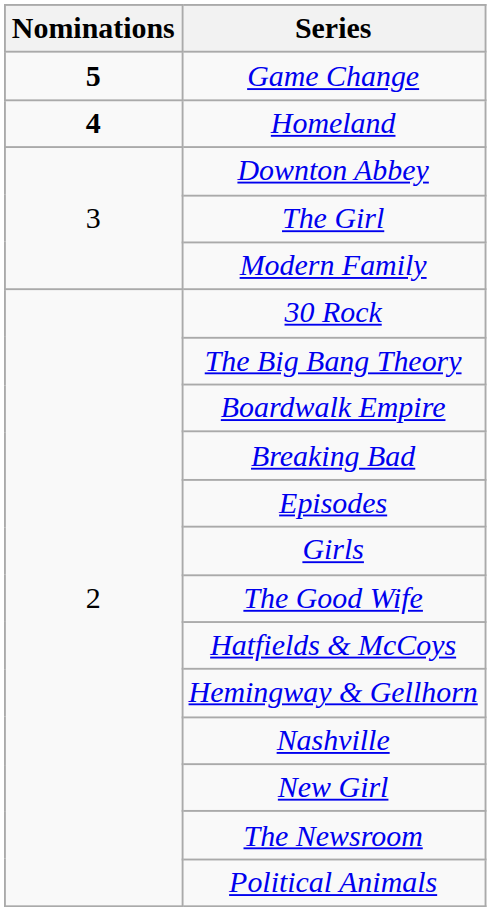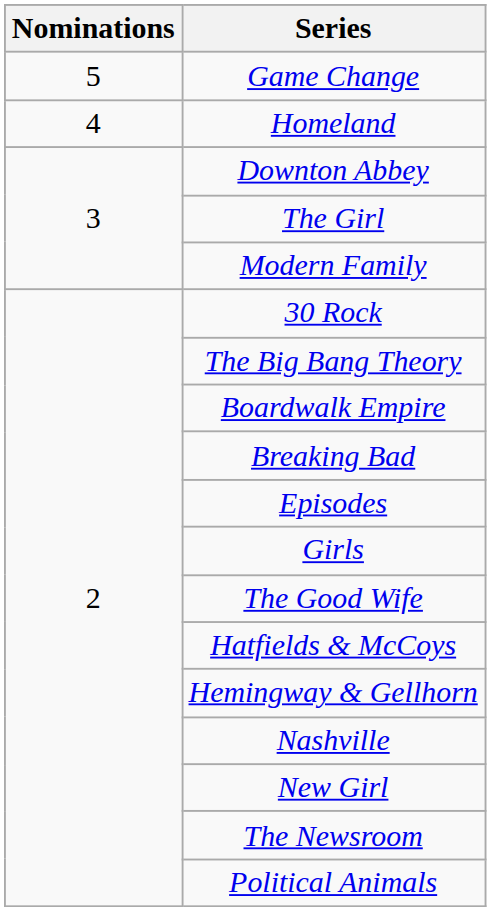 <table class="wikitable" style="text-align: center">
 <tr>
 <th scope="col" width="55">Nominations</th>
 <th scope="col" align="center">Series</th>
 </tr>
 <tr>
-<td align="center"><strong>5</strong></td>
+<td align="center">5</td>
 <td><em><a href='#'>Game Change</a></em></td>
 </tr>
 <tr>
-<td align="center"><strong>4</strong></td>
+<td align="center">4</td>
 <td><em><a href='#'>Homeland</a></em></td>
 </tr>
 <tr>
 <td rowspan=3 style="text-align:center">3</td>
 <td><em><a href='#'>Downton Abbey</a></em></td>
 </tr>
 <tr>
 <td><em><a href='#'>The Girl</a></em></td>
 </tr>
 <tr>
 <td><em><a href='#'>Modern Family</a></em></td>
 </tr>
 <tr>
 <td rowspan=13 style="text-align:center">2</td>
 <td><em><a href='#'>30 Rock</a></em></td>
 </tr>
 <tr>
 <td><em><a href='#'>The Big Bang Theory</a></em></td>
 </tr>
 <tr>
 <td><em><a href='#'>Boardwalk Empire</a></em></td>
 </tr>
 <tr>
 <td><em><a href='#'>Breaking Bad</a></em></td>
 </tr>
 <tr>
 <td><em><a href='#'>Episodes</a></em></td>
 </tr>
 <tr>
 <td><em><a href='#'>Girls</a></em></td>
 </tr>
 <tr>
 <td><em><a href='#'>The Good Wife</a></em></td>
 </tr>
 <tr>
 <td><em><a href='#'>Hatfields & McCoys</a></em></td>
 </tr>
 <tr>
 <td><em><a href='#'>Hemingway & Gellhorn</a></em></td>
 </tr>
 <tr>
 <td><em><a href='#'>Nashville</a></em></td>
 </tr>
 <tr>
 <td><em><a href='#'>New Girl</a></em></td>
 </tr>
 <tr>
 <td><em><a href='#'>The Newsroom</a></em></td>
 </tr>
 <tr>
 <td><em><a href='#'>Political Animals</a></em></td>
 </tr>
 </table>
